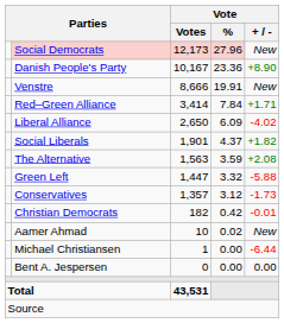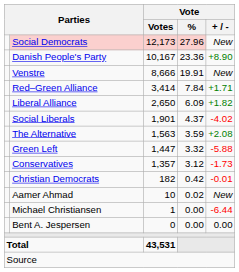 <table class="wikitable" style="text-align:right;">
 <tr>
 <th style="text-align:centre;" rowspan="2" colspan="2" width="225">Parties</th>
 <th colspan="3">Vote</th>
 </tr>
 <tr>
 <th width="15">Votes</th>
 <th width="15">%</th>
 <th width="15">+ / -</th>
 </tr>
 <tr>
 <td width="2" style="color:inherit;background:"></td>
 <td bgcolor=#fbd0ce  align="left"><a href='#'>Social Democrats</a></td>
 <td bgcolor=#fbd0ce>12,173</td>
 <td bgcolor=#fbd0ce>27.96</td>
 <td><em>New</em></td>
 </tr>
 <tr>
 <td width="2" style="color:inherit;background:"></td>
 <td align="left"><a href='#'>Danish People's Party</a></td>
 <td>10,167</td>
 <td>23.36</td>
 <td style=color:green;>+8.90</td>
 </tr>
 <tr>
 <td width="2" style="color:inherit;background:"></td>
 <td align="left"><a href='#'>Venstre</a></td>
 <td>8,666</td>
 <td>19.91</td>
 <td><em>New</em></td>
 </tr>
 <tr>
 <td width="2" style="color:inherit;background:"></td>
 <td align="left"><a href='#'>Red–Green Alliance</a></td>
 <td>3,414</td>
 <td>7.84</td>
 <td style=color:green;>+1.71</td>
 </tr>
 <tr>
 <td width="2" style="color:inherit;background:"></td>
 <td align="left"><a href='#'>Liberal Alliance</a></td>
 <td>2,650</td>
 <td>6.09</td>
-<td style=color:red;>-4.02</td>
+<td style=color:green;>+1.82</td>
 </tr>
 <tr>
 <td width="2" style="color:inherit;background:"></td>
 <td align="left"><a href='#'>Social Liberals</a></td>
 <td>1,901</td>
 <td>4.37</td>
-<td style=color:green;>+1.82</td>
+<td style=color:red;>-4.02</td>
 </tr>
 <tr>
 <td width="2" style="color:inherit;background:"></td>
 <td align="left"><a href='#'>The Alternative</a></td>
 <td>1,563</td>
 <td>3.59</td>
 <td style=color:green;>+2.08</td>
 </tr>
 <tr>
 <td width="2" style="color:inherit;background:"></td>
 <td align="left"><a href='#'>Green Left</a></td>
 <td>1,447</td>
 <td>3.32</td>
 <td style=color:red;>-5.88</td>
 </tr>
 <tr>
 <td width="2" style="color:inherit;background:"></td>
 <td align="left"><a href='#'>Conservatives</a></td>
 <td>1,357</td>
 <td>3.12</td>
 <td style=color:red;>-1.73</td>
 </tr>
 <tr>
 <td width="2" style="color:inherit;background:"></td>
 <td align="left"><a href='#'>Christian Democrats</a></td>
 <td>182</td>
 <td>0.42</td>
 <td style=color:red;>-0.01</td>
 </tr>
 <tr>
 <td width="2" style="color:inherit;background:"></td>
 <td align="left">Aamer Ahmad</td>
 <td>10</td>
 <td>0.02</td>
 <td><em>New</em></td>
 </tr>
 <tr>
 <td width="2" style="color:inherit;background:"></td>
 <td align="left">Michael Christiansen</td>
 <td>1</td>
 <td>0.00</td>
 <td style=color:red;>-6.44</td>
 </tr>
 <tr>
 <td width="2" style="color:inherit;background:"></td>
 <td align="left">Bent A. Jespersen</td>
 <td>0</td>
 <td>0.00</td>
 <td>0.00</td>
 </tr>
 <tr>
 <td colspan="7" bgcolor="#E9E9E9"></td>
 </tr>
 <tr>
 <td align="left" colspan="2"><strong>Total</strong></td>
 <td><strong>43,531</strong></td>
 <td bgcolor="#E9E9E9" colspan="2"></td>
 </tr>
 <tr>
 <td align="left" colspan="6">Source</td>
 </tr>
 </table>
